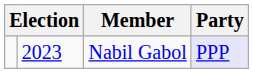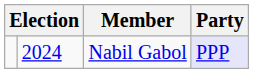 <table class="wikitable">
 <tr>
 <th colspan="2">Election</th>
 <th>Member</th>
 <th>Party</th>
 </tr>
 <tr>
 <td style="background-color: "></td>
-<td><a href='#'>2023</a></td>
+<td><a href='#'>2024</a></td>
 <td><a href='#'>Nabil Gabol</a></td>
 <td style="background: lavender;"><a href='#'>PPP</a></td>
 </tr>
 </table>
